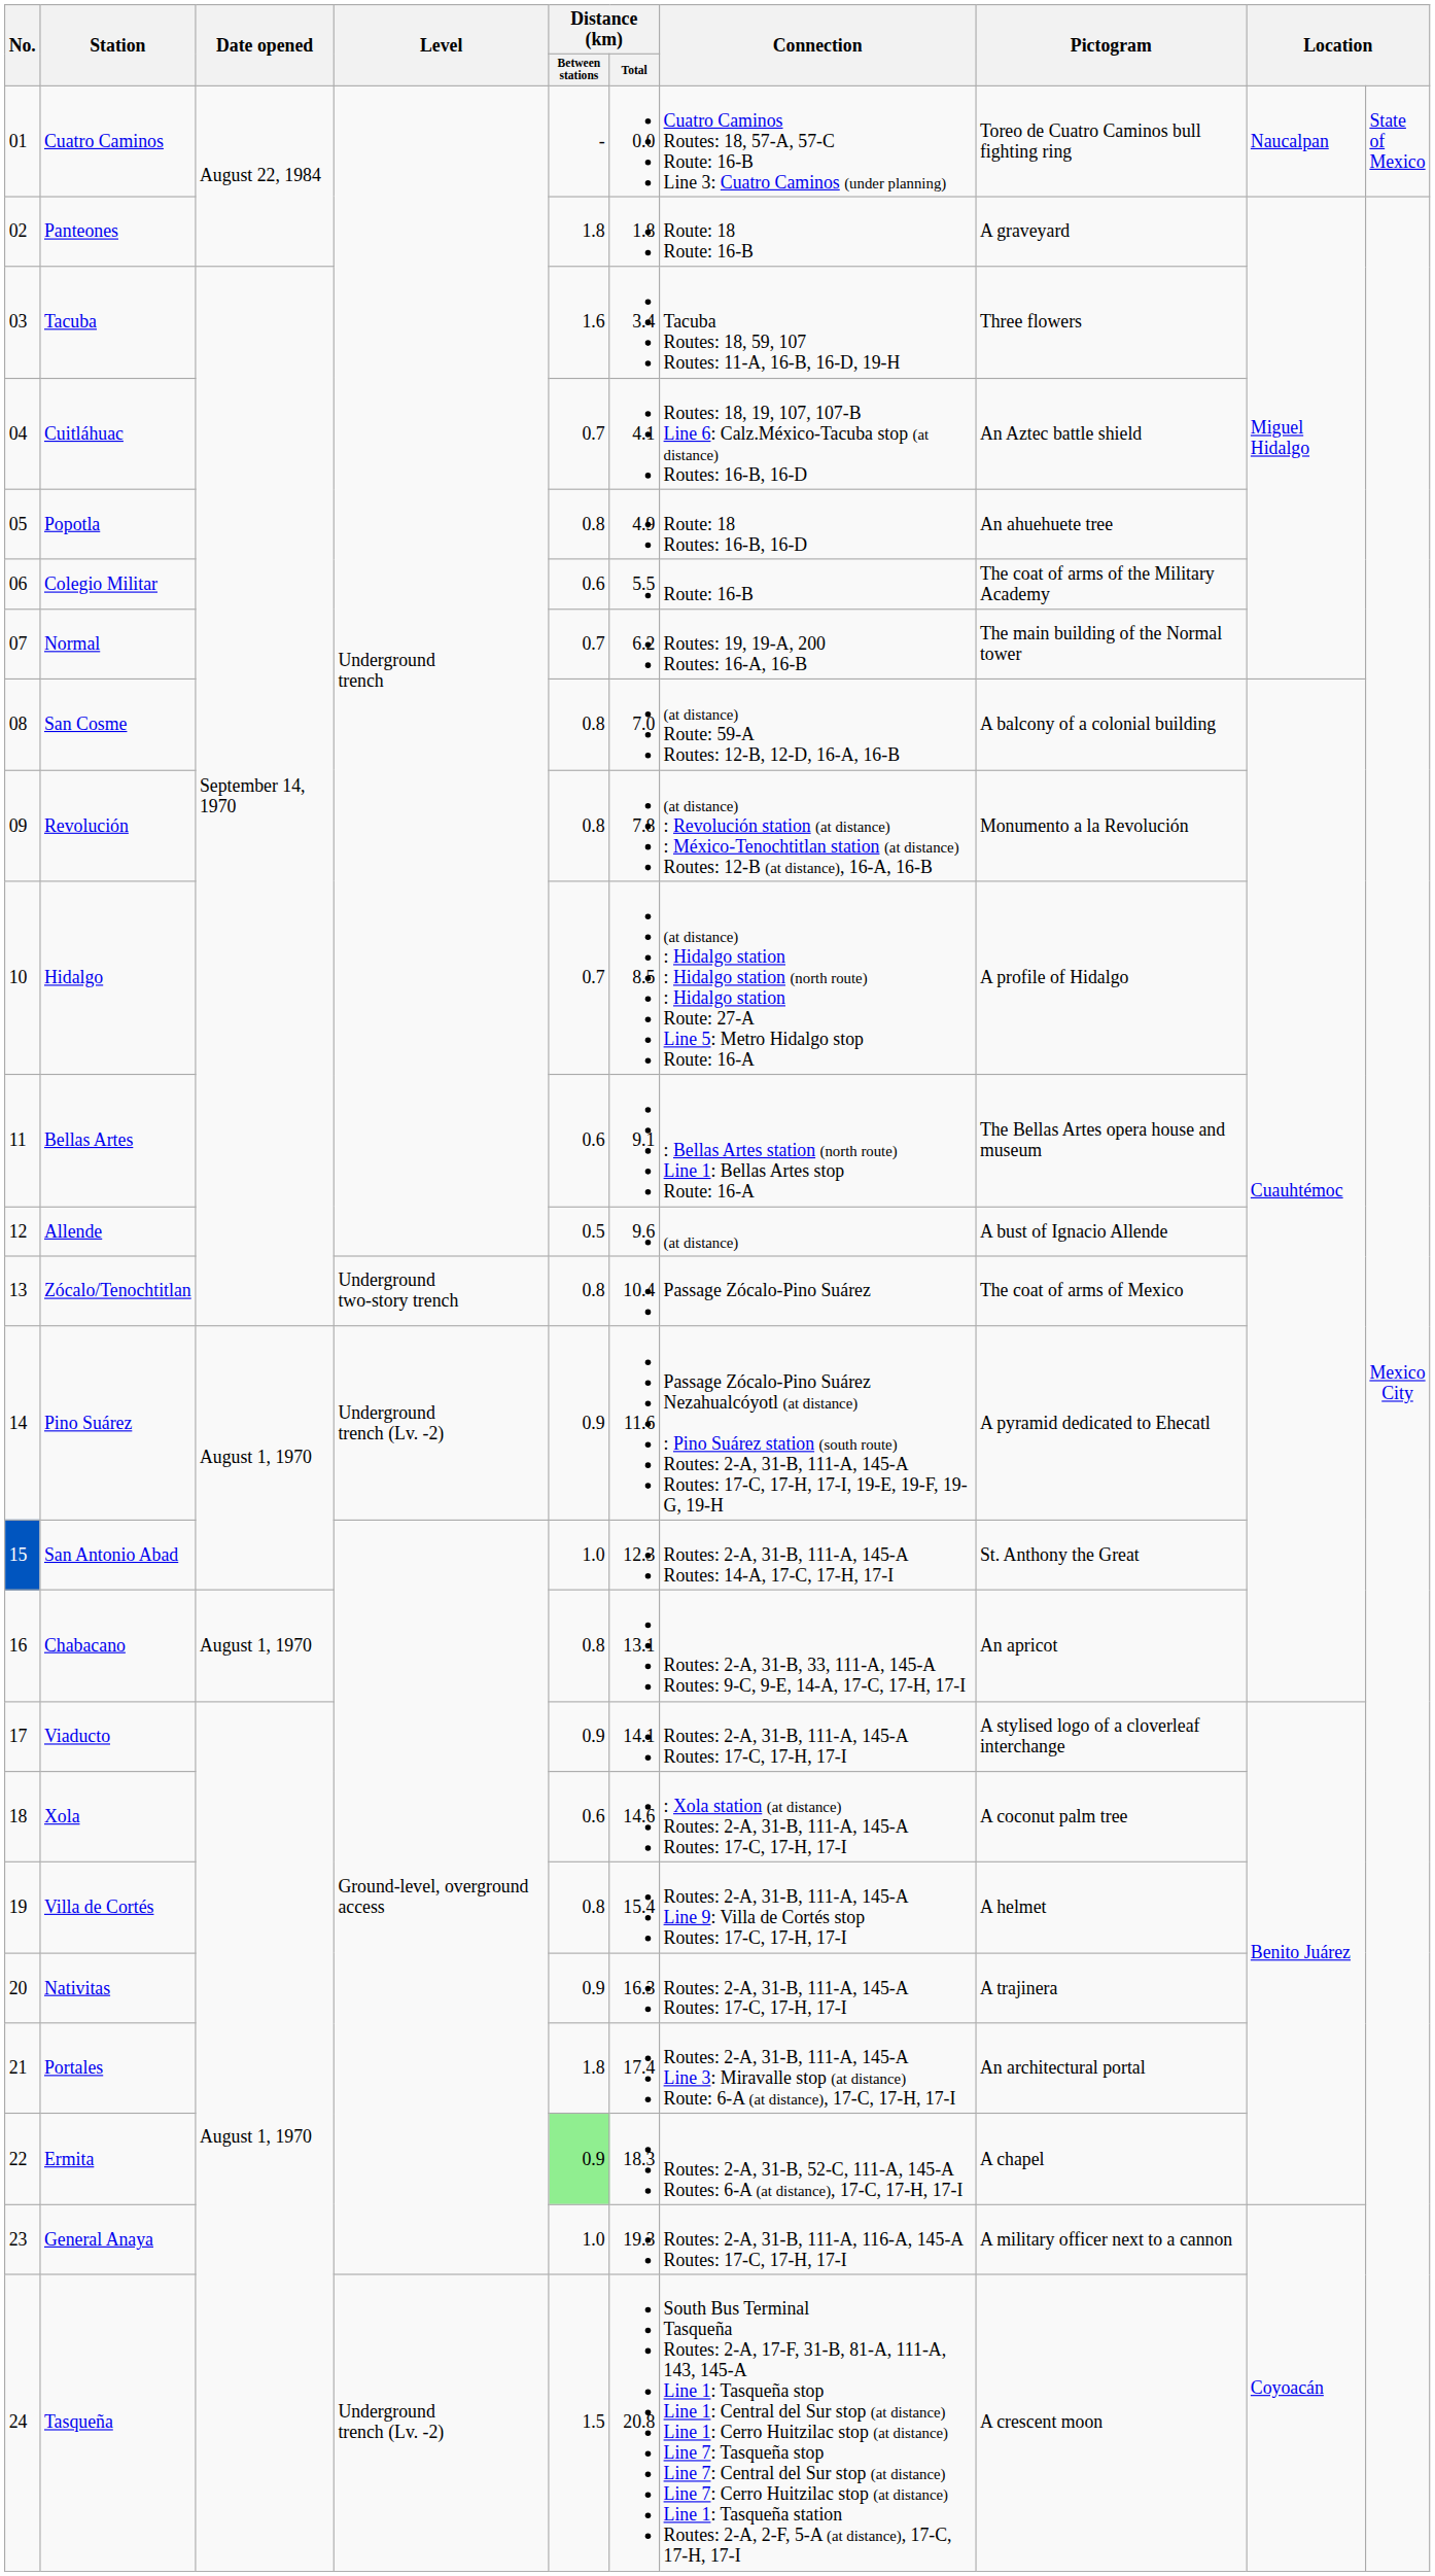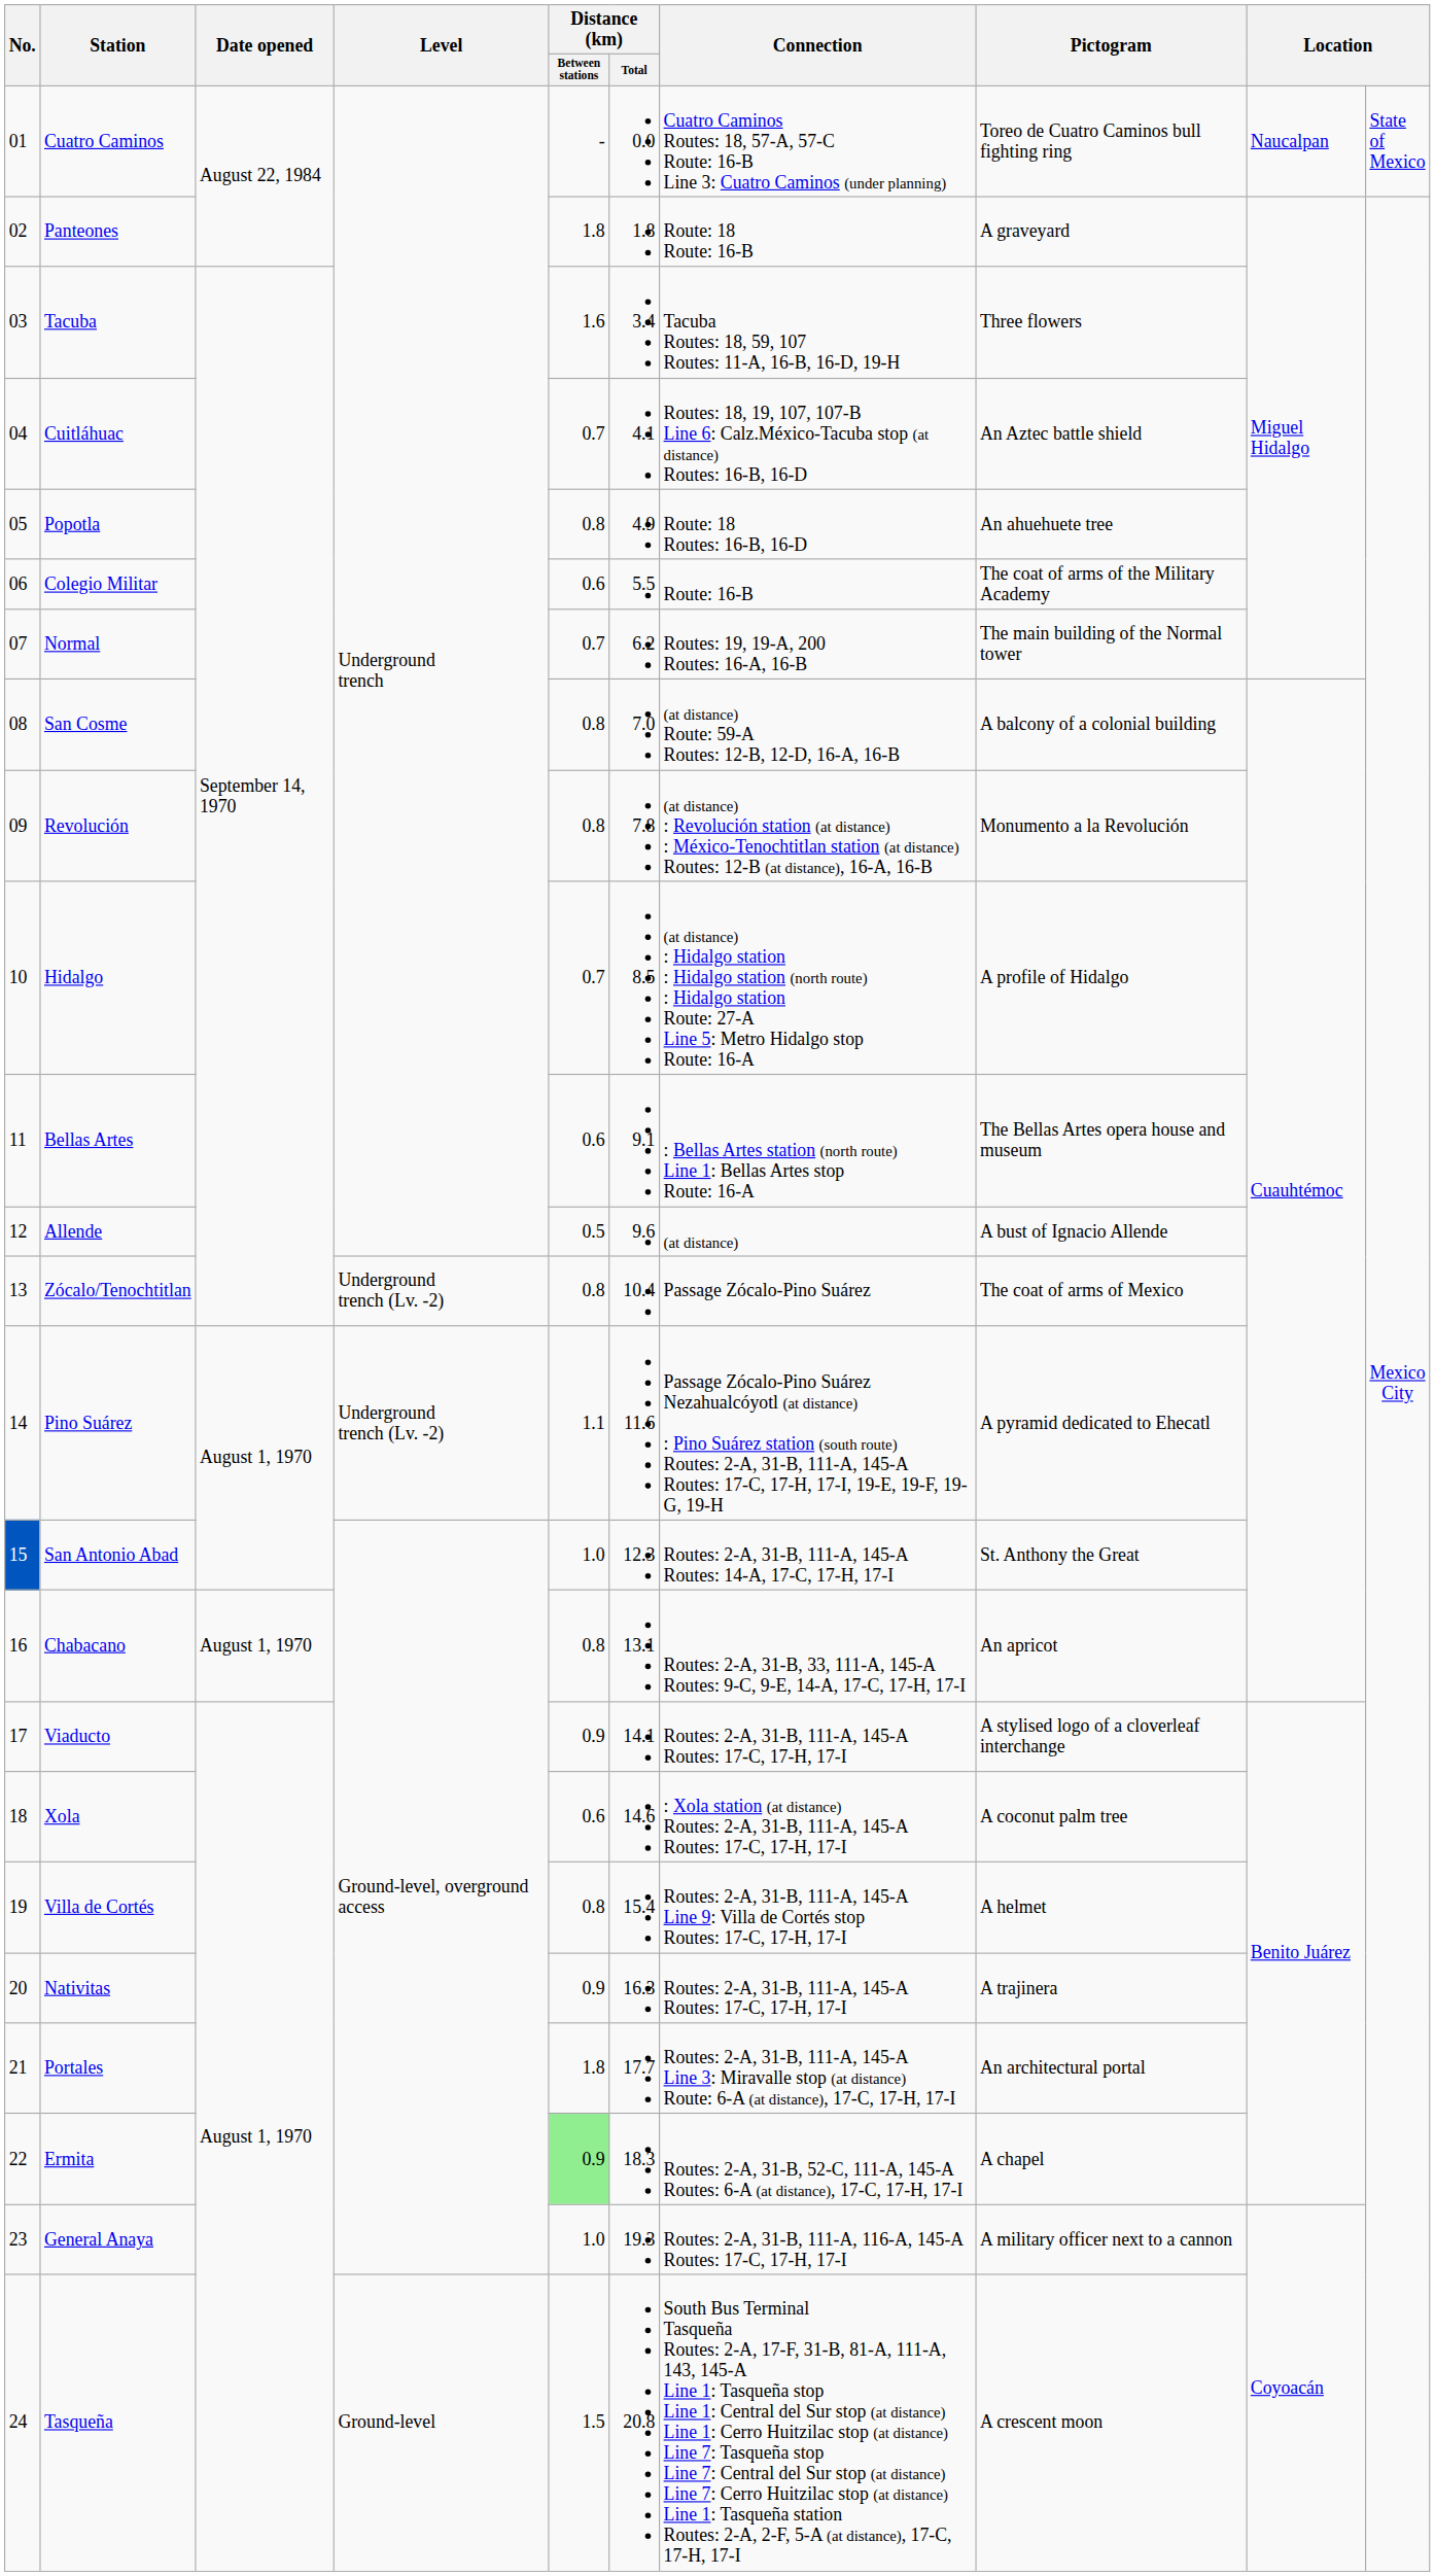 <table class="wikitable" rules="all">
 <tr>
 <th rowspan="2">No.</th>
 <th rowspan="2">Station</th>
 <th rowspan="2">Date opened</th>
 <th rowspan="2">Level</th>
 <th colspan="2">Distance (km)</th>
 <th rowspan="2">Connection</th>
 <th rowspan="2">Pictogram</th>
 <th colspan="2" rowspan="2">Location</th>
 </tr>
 <tr>
 <th style="font-size: 65%;">Between<br>stations</th>
 <th style="font-size: 65%;">Total</th>
 </tr>
 <tr>
 <td style="background: #">01</td>
 <td><a href='#'>Cuatro Caminos</a> </td>
 <td rowspan="2">August 22, 1984</td>
 <td rowspan="12">Underground<br>trench</td>
 <td style="text-align:right;">-</td>
 <td style="text-align:right;">0.0</td>
 <td><br><li> <a href='#'>Cuatro Caminos</a></li> <li> Routes: 18, 57-A, 57-C</li> <li> Route: 16-B</li> <li> Line 3: <a href='#'>Cuatro Caminos</a> <small>(under planning)</small></li></td>
 <td>Toreo de Cuatro Caminos bull fighting ring</td>
 <td><a href='#'>Naucalpan</a></td>
 <td><a href='#'>State of Mexico</a></td>
 </tr>
 <tr>
 <td style="background: #">02</td>
 <td><a href='#'>Panteones</a></td>
 <td style="text-align:right;">1.8</td>
 <td style="text-align:right;">1.8</td>
 <td><br><li> Route: 18</li> <li> Route: 16-B</td>
 <td>A graveyard</td>
 <td rowspan="6"><a href='#'>Miguel Hidalgo</a></td>
 <td style="text-align:center; width:1em;" rowspan="23"><a href='#'>Mexico City</a></td>
 </tr>
 <tr>
 <td style="background: #">03</td>
 <td><a href='#'>Tacuba</a> </td>
 <td rowspan="11">September 14, 1970</td>
 <td style="text-align:right;">1.6</td>
 <td style="text-align:right;">3.4</td>
 <td><br><li> </li> <li> Tacuba</li> <li> Routes: 18, 59, 107</li> <li> Routes: 11-A, 16-B, 16-D, 19-H</td>
 <td>Three flowers</td>
 </tr>
 <tr>
 <td style="background: #">04</td>
 <td><a href='#'>Cuitláhuac</a></td>
 <td style="text-align:right;">0.7</td>
 <td style="text-align:right;">4.1</td>
 <td><br><li> Routes: 18, 19, 107, 107-B</li> <li>  <a href='#'>Line 6</a>: Calz.México-Tacuba stop <small>(at distance)</small></li> <li> Routes: 16-B, 16-D</td>
 <td>An Aztec battle shield</td>
 </tr>
 <tr>
 <td style="background: #">05</td>
 <td><a href='#'>Popotla</a></td>
 <td style="text-align:right;">0.8</td>
 <td style="text-align:right;">4.9</td>
 <td><br><li> Route: 18</li> <li> Routes: 16-B, 16-D</td>
 <td>An ahuehuete tree</td>
 </tr>
 <tr>
 <td style="background: #">06</td>
 <td><a href='#'>Colegio Militar</a></td>
 <td style="text-align:right;">0.6</td>
 <td style="text-align:right;">5.5</td>
 <td><br><li> Route: 16-B</td>
 <td>The coat of arms of the Military Academy</td>
 </tr>
 <tr>
 <td style="background: #">07</td>
 <td><a href='#'>Normal</a></td>
 <td style="text-align:right;">0.7</td>
 <td style="text-align:right;">6.2</td>
 <td><br><li> Routes: 19, 19-A, 200</li> <li> Routes: 16-A, 16-B</td>
 <td>The main building of the Normal tower</td>
 </tr>
 <tr>
 <td style="background: #">08</td>
 <td><a href='#'>San Cosme</a></td>
 <td style="text-align:right;">0.8</td>
 <td style="text-align:right;">7.0</td>
 <td><br><li> <small>(at distance)</small></li> <li> Route: 59-A</li> <li> Routes: 12-B, 12-D, 16-A, 16-B</td>
 <td>A balcony of a colonial building</td>
 <td rowspan="9"><a href='#'>Cuauhtémoc</a></td>
 </tr>
 <tr>
 <td style="background: #">09</td>
 <td><a href='#'>Revolución</a> </td>
 <td style="text-align:right;">0.8</td>
 <td style="text-align:right;">7.8</td>
 <td><br><li> <small>(at distance)</small></li> <li> : <a href='#'>Revolución station</a> <small>(at distance)</small></li> <li> : <a href='#'>México-Tenochtitlan station</a> <small>(at distance)</small></li> <li> Routes: 12-B <small>(at distance)</small>, 16-A, 16-B</td>
 <td>Monumento a la Revolución</td>
 </tr>
 <tr>
 <td style="background: #">10</td>
 <td><a href='#'>Hidalgo</a> </td>
 <td style="text-align:right;">0.7</td>
 <td style="text-align:right;">8.5</td>
 <td><br><li> </li> <li> <small>(at distance)</small></li> <li> : <a href='#'>Hidalgo station</a></li> <li> : <a href='#'>Hidalgo station</a> <small>(north route)</small></li> <li> : <a href='#'>Hidalgo station</a></li> <li> Route: 27-A<br><li>  <a href='#'>Line 5</a>: Metro Hidalgo stop</li> <li> Route: 16-A</td>
 <td>A profile of Hidalgo</td>
 </tr>
 <tr>
 <td style="background: #">11</td>
 <td><a href='#'>Bellas Artes</a> </td>
 <td style="text-align:right;">0.6</td>
 <td style="text-align:right;">9.1</td>
 <td><br><li> </li> <li></li> <li> : <a href='#'>Bellas Artes station</a> <small>(north route)</small></li> <li>  <a href='#'>Line 1</a>: Bellas Artes stop</li> <li> Route: 16-A</td>
 <td>The Bellas Artes opera house and museum</td>
 </tr>
 <tr>
 <td style="background: #">12</td>
 <td><a href='#'>Allende</a></td>
 <td style="text-align:right;">0.5</td>
 <td style="text-align:right;">9.6</td>
 <td><br><li> <small>(at distance)</small></td>
 <td>A bust of Ignacio Allende</td>
 </tr>
 <tr>
 <td style="background: #">13</td>
 <td><a href='#'>Zócalo/Tenochtitlan</a> </td>
-<td>Underground<br>two-story trench</td>
+<td>Underground<br>trench (Lv. -2)</td>
 <td style="text-align:right;">0.8</td>
 <td style="text-align:right;">10.4</td>
 <td><br><li> Passage Zócalo-Pino Suárez</li> <li></td>
 <td>The coat of arms of Mexico</td>
 </tr>
 <tr>
 <td style="background: #">14</td>
 <td><a href='#'>Pino Suárez</a> </td>
 <td rowspan="2">August 1, 1970</td>
 <td>Underground<br>trench (Lv. -2)</td>
-<td style="text-align:right;">0.9</td>
+<td style="text-align:right;">1.1</td>
 <td style="text-align:right;">11.6</td>
 <td><br><li> </li> <li> Passage Zócalo-Pino Suárez</li> <li> Nezahualcóyotl <small>(at distance)</small></li> <li></li> <li> : <a href='#'>Pino Suárez station</a> <small>(south route)</small></li> <li> Routes: 2-A, 31-B, 111-A, 145-A </li> <li> Routes: 17-C, 17-H, 17-I, 19-E, 19-F, 19-G, 19-H</td>
 <td>A pyramid dedicated to Ehecatl</td>
 </tr>
 <tr>
 <td style="background: #0055BF; color: white;">15</td>
 <td><a href='#'>San Antonio Abad</a> </td>
 <td rowspan="9">Ground-level, overground access</td>
 <td style="text-align:right;">1.0</td>
 <td style="text-align:right;">12.3</td>
 <td><br><li> Routes: 2-A, 31-B, 111-A, 145-A</li> <li> Routes: 14-A, 17-C, 17-H, 17-I</td>
 <td>St. Anthony the Great</td>
 </tr>
 <tr>
 <td style="background: #">16</td>
 <td><a href='#'>Chabacano</a> </td>
 <td>August 1, 1970</td>
 <td style="text-align:right;">0.8</td>
 <td style="text-align:right;">13.1</td>
 <td><br><li> </li> <li> </li> <li> Routes: 2-A, 31-B, 33, 111-A, 145-A</li> <li> Routes: 9-C, 9-E, 14-A, 17-C, 17-H, 17-I</td>
 <td>An apricot</td>
 </tr>
 <tr>
 <td style="background: #">17</td>
 <td><a href='#'>Viaducto</a></td>
 <td rowspan="8">August 1, 1970</td>
 <td style="text-align:right;">0.9</td>
 <td style="text-align:right;">14.1</td>
 <td><br><li> Routes: 2-A, 31-B, 111-A, 145-A</li> <li> Routes: 17-C, 17-H, 17-I</td>
 <td>A stylised logo of a cloverleaf interchange</td>
 <td rowspan="6"><a href='#'>Benito Juárez</a></td>
 </tr>
 <tr>
 <td style="background: #">18</td>
 <td><a href='#'>Xola</a> </td>
 <td style="text-align:right;">0.6</td>
 <td style="text-align:right;">14.6</td>
 <td><br><li> : <a href='#'>Xola station</a> <small>(at distance)</small></li> <li> Routes: 2-A, 31-B, 111-A, 145-A</li> <li> Routes: 17-C, 17-H, 17-I</td>
 <td>A coconut palm tree</td>
 </tr>
 <tr>
 <td style="background: #">19</td>
 <td><a href='#'>Villa de Cortés</a> </td>
 <td style="text-align:right;">0.8</td>
 <td style="text-align:right;">15.4</td>
 <td><br><li> Routes: 2-A, 31-B, 111-A, 145-A</li> <li>  <a href='#'>Line 9</a>: Villa de Cortés stop</li> <li> Routes: 17-C, 17-H, 17-I</td>
 <td>A helmet</td>
 </tr>
 <tr>
 <td style="background: #">20</td>
 <td><a href='#'>Nativitas</a> </td>
 <td style="text-align:right;">0.9</td>
 <td style="text-align:right;">16.3</td>
 <td><br><li> Routes: 2-A, 31-B, 111-A, 145-A</li> <li> Routes: 17-C, 17-H, 17-I</td>
 <td>A trajinera</td>
 </tr>
 <tr>
 <td style="background: #">21</td>
 <td><a href='#'>Portales</a> </td>
 <td style="text-align:right;">1.8</td>
-<td style="text-align:right;">17.4</td>
+<td style="text-align:right;">17.7</td>
 <td><br><li> Routes: 2-A, 31-B, 111-A, 145-A</li> <li>  <a href='#'>Line 3</a>: Miravalle stop <small>(at distance)</small><li> Route: 6-A <small>(at distance)</small>, 17-C, 17-H, 17-I</td>
 <td>An architectural portal</td>
 </tr>
 <tr>
 <td style="background: #">22</td>
 <td><a href='#'>Ermita</a> </td>
 <td style="background: lightgreen; text-align:right;">0.9</td>
 <td style="text-align:right;">18.3</td>
 <td><br><li> </li> <li> Routes: 2-A, 31-B, 52-C, 111-A, 145-A</li> <li> Routes: 6-A <small>(at distance)</small>, 17-C, 17-H, 17-I</td>
 <td>A chapel</td>
 </tr>
 <tr>
 <td style="background: #">23</td>
 <td><a href='#'>General Anaya</a> </td>
 <td style="text-align:right;">1.0</td>
 <td style="text-align:right;">19.3</td>
 <td><br><li> Routes: 2-A, 31-B, 111-A, 116-A, 145-A</li> <li> Routes: 17-C, 17-H, 17-I</td>
 <td>A military officer next to a cannon</td>
 <td rowspan="2"><a href='#'>Coyoacán</a></td>
 </tr>
 <tr>
 <td style="background: #">24</td>
 <td><a href='#'>Tasqueña</a> </td>
-<td>Underground<br>trench (Lv. -2)</td>
+<td>Ground-level</td>
 <td style="text-align:right;">1.5</td>
 <td style="text-align:right;">20.8</td>
 <td><br><li> South Bus Terminal</li> <li> Tasqueña</li> <li> Routes: 2-A, 17-F, 31-B, 81-A, 111-A, 143, 145-A</li> <li>  <a href='#'>Line 1</a>: Tasqueña stop</li> <li>  <a href='#'>Line 1</a>: Central del Sur stop <small>(at distance)</small><br><li>  <a href='#'>Line 1</a>: Cerro Huitzilac stop <small>(at distance)</small><br><li>  <a href='#'>Line 7</a>: Tasqueña stop<br><li>  <a href='#'>Line 7</a>: Central del Sur stop <small>(at distance)</small></li> <li>  <a href='#'>Line 7</a>: Cerro Huitzilac stop <small>(at distance)</small><li>  <a href='#'>Line 1</a>: Tasqueña station<br><li> Routes: 2-A, 2-F, 5-A <small>(at distance)</small>, 17-C, 17-H, 17-I</td>
 <td>A crescent moon</td>
 </tr>
 </table>
